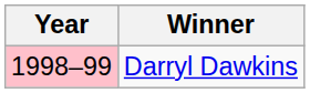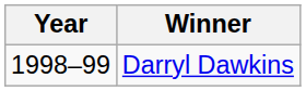 <table class="wikitable">
 <tr>
 <th>Year</th>
 <th>Winner</th>
 </tr>
 <tr>
-<td style="background: pink;">1998–99</td>
+<td>1998–99</td>
 <td><a href='#'>Darryl Dawkins</a></td>
 </tr>
 </table>
